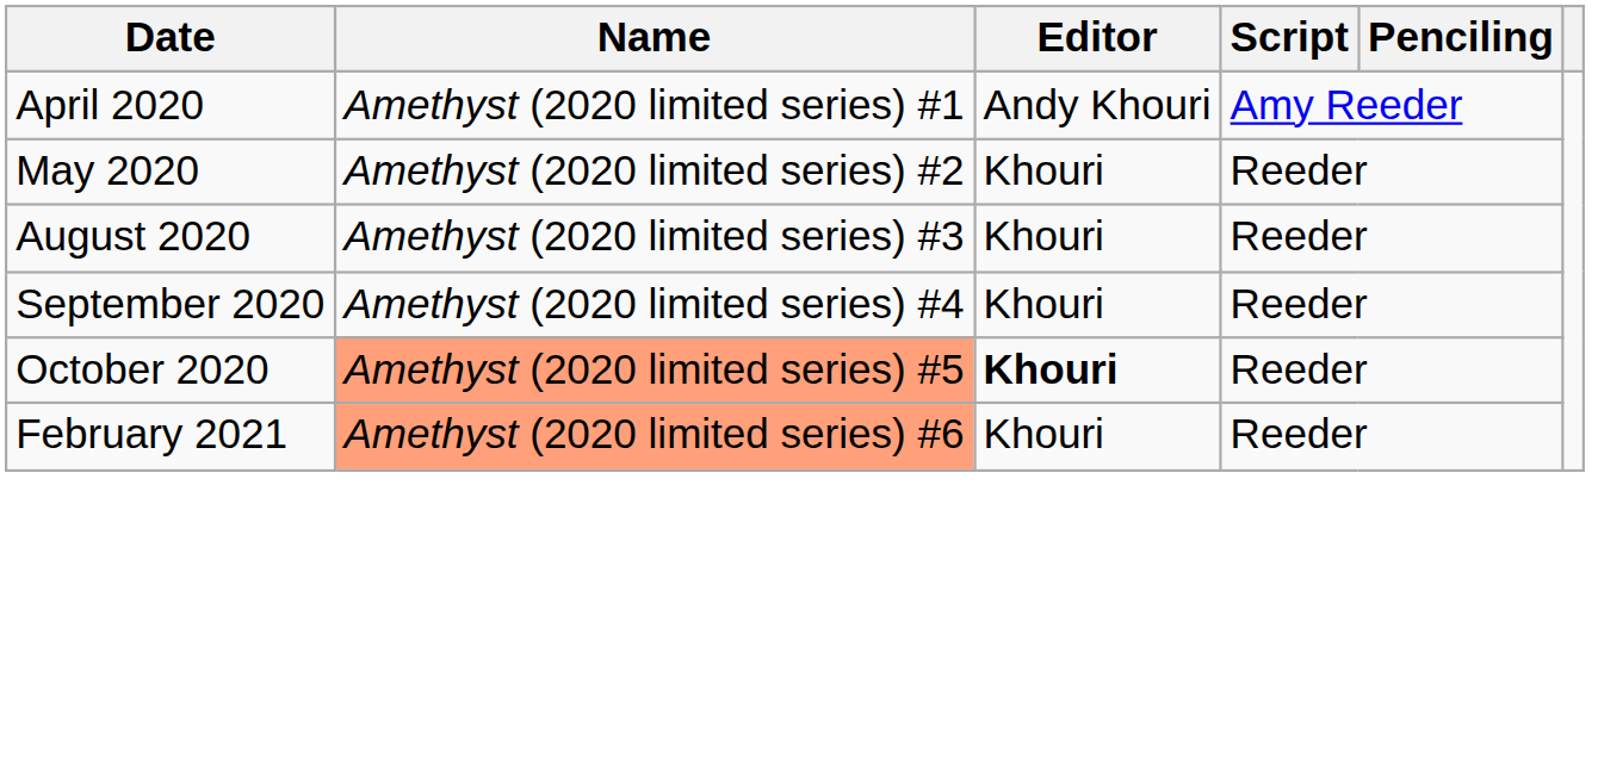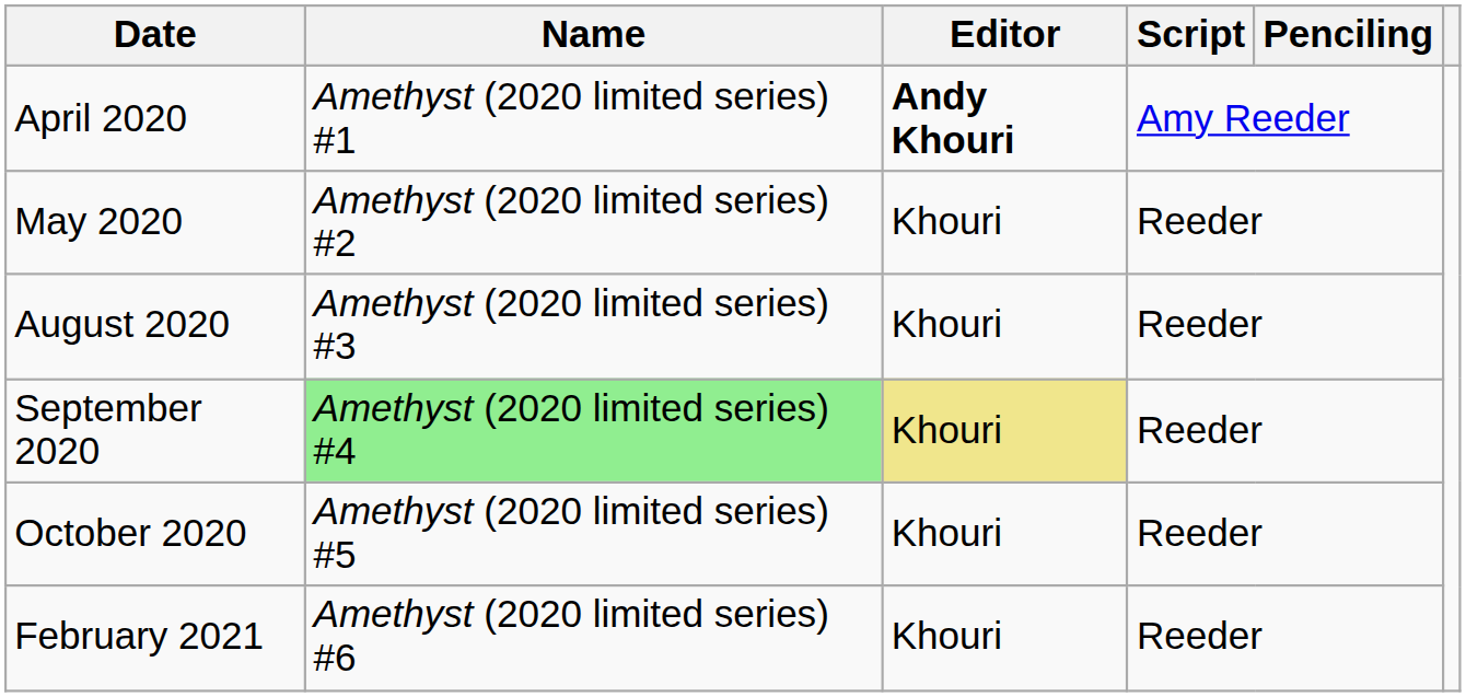 <table class="wikitable">
 <tr>
 <th>Date</th>
 <th>Name</th>
 <th>Editor</th>
 <th>Script</th>
 <th>Penciling</th>
 <th></th>
 </tr>
 <tr>
 <td>April 2020</td>
 <td><em>Amethyst</em> (2020 limited series) #1</td>
-<td>Andy Khouri</td>
+<td><strong>Andy Khouri</strong></td>
 <td colspan="2"><a href='#'>Amy Reeder</a></td>
 <td rowspan="6"></td>
 </tr>
 <tr>
 <td>May 2020</td>
 <td><em>Amethyst</em> (2020 limited series) #2</td>
 <td>Khouri</td>
 <td colspan="2">Reeder</td>
 </tr>
 <tr>
 <td>August 2020</td>
 <td><em>Amethyst</em> (2020 limited series) #3</td>
 <td>Khouri</td>
 <td colspan="2">Reeder</td>
 </tr>
 <tr>
 <td>September 2020</td>
-<td><em>Amethyst</em> (2020 limited series) #4</td>
+<td style="background: lightgreen;"><em>Amethyst</em> (2020 limited series) #4</td>
+<td style="background: khaki;">Khouri</td>
+<td colspan="2">Reeder</td>
+</tr>
+<tr>
+<td>October 2020</td>
+<td><em>Amethyst</em> (2020 limited series) #5</td>
 <td>Khouri</td>
 <td colspan="2">Reeder</td>
 </tr>
 <tr>
-<td>October 2020</td>
-<td style="background: lightsalmon;"><em>Amethyst</em> (2020 limited series) #5</td>
-<td><strong>Khouri</strong></td>
-<td colspan="2">Reeder</td>
-</tr>
-<tr>
 <td>February 2021</td>
-<td style="background: lightsalmon;"><em>Amethyst</em> (2020 limited series) #6</td>
+<td><em>Amethyst</em> (2020 limited series) #6</td>
 <td>Khouri</td>
 <td colspan="2">Reeder</td>
 </tr>
 </table>
